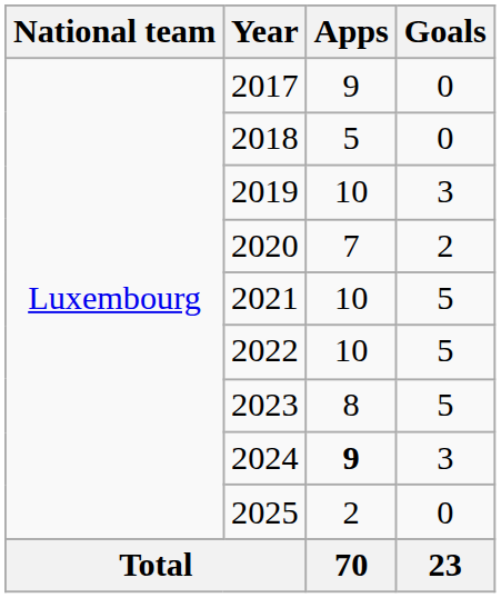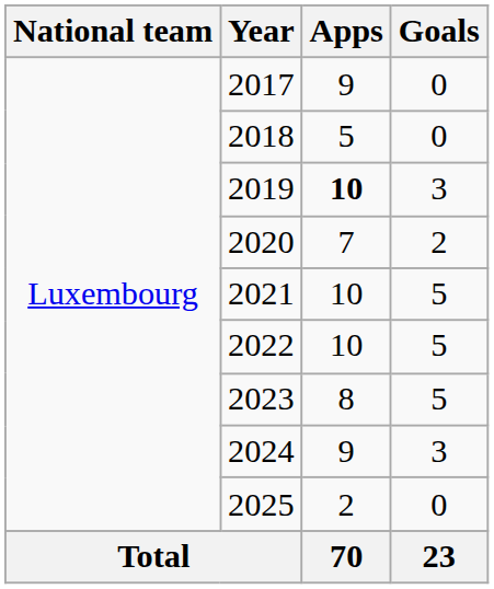 <table class="wikitable"; style="text-align: center">
 <tr>
 <th>National team</th>
 <th>Year</th>
 <th>Apps</th>
 <th>Goals</th>
 </tr>
 <tr>
 <td rowspan="9"><a href='#'>Luxembourg</a></td>
 <td>2017</td>
 <td>9</td>
 <td>0</td>
 </tr>
 <tr>
 <td>2018</td>
 <td>5</td>
 <td>0</td>
 </tr>
 <tr>
 <td>2019</td>
-<td>10</td>
+<td><strong>10</strong></td>
 <td>3</td>
 </tr>
 <tr>
 <td>2020</td>
 <td>7</td>
 <td>2</td>
 </tr>
 <tr>
 <td>2021</td>
 <td>10</td>
 <td>5</td>
 </tr>
 <tr>
 <td>2022</td>
 <td>10</td>
 <td>5</td>
 </tr>
 <tr>
 <td>2023</td>
 <td>8</td>
 <td>5</td>
 </tr>
 <tr>
 <td>2024</td>
-<td><strong>9</strong></td>
+<td>9</td>
 <td>3</td>
 </tr>
 <tr>
 <td>2025</td>
 <td>2</td>
 <td>0</td>
 </tr>
 <tr>
 <th colspan="2">Total</th>
 <th>70</th>
 <th>23</th>
 </tr>
 </table>
